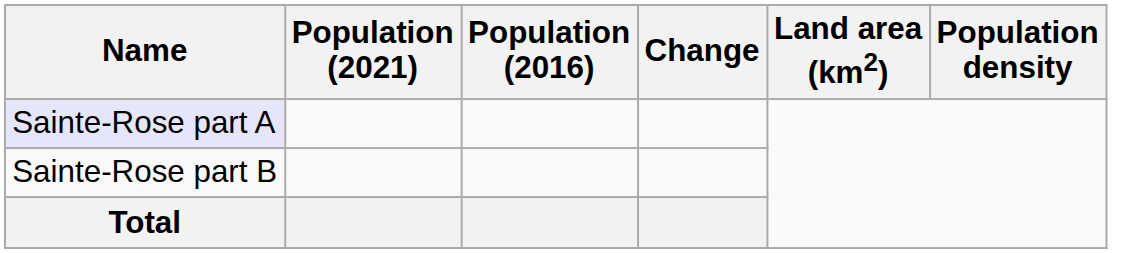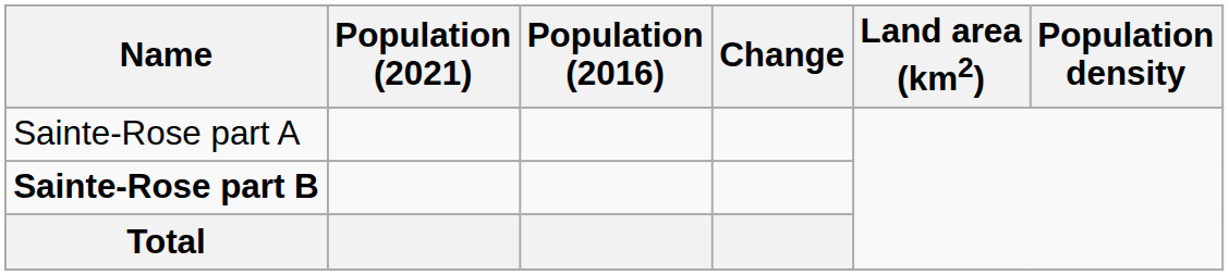 <table class="wikitable sortable collapsible">
 <tr>
 <th scope="col">Name</th>
 <th scope="col">Population<br>(2021)</th>
 <th scope="col">Population<br>(2016)</th>
 <th scope="col">Change</th>
 <th scope="col">Land area<br>(km<sup>2</sup>)</th>
 <th scope="col">Population<br>density</th>
 </tr>
 <tr>
-<td scope="row" style="background: lavender;">Sainte-Rose part A </td>
+<td scope="row">Sainte-Rose part A </td>
 <td></td>
 <td align=center></td>
 <td align=center></td>
 </tr>
 <tr>
-<td scope="row">Sainte-Rose part B </td>
+<td scope="row"><strong>Sainte-Rose part B </strong></td>
 <td></td>
 <td align=center></td>
 <td align=center></td>
 </tr>
 <tr class="sortbottom" align="center" style="background: #f2f2f2;">
 <td><strong>Total</strong></td>
 <td></td>
 <td align=center><strong></strong></td>
 <td><strong></strong></td>
 </tr>
 <tr>
 </tr>
 </table>
